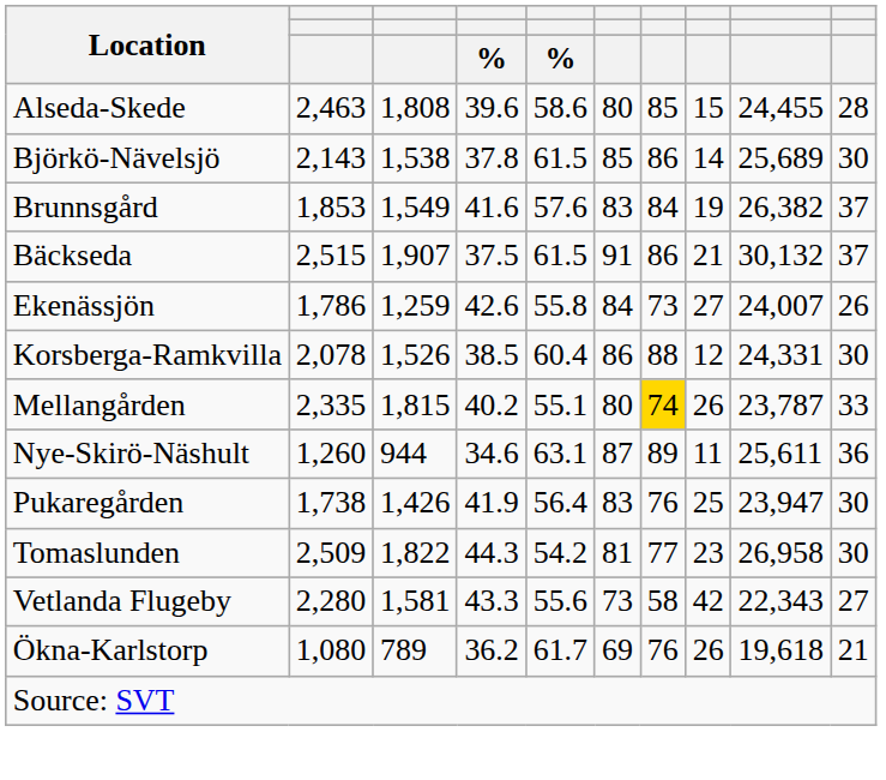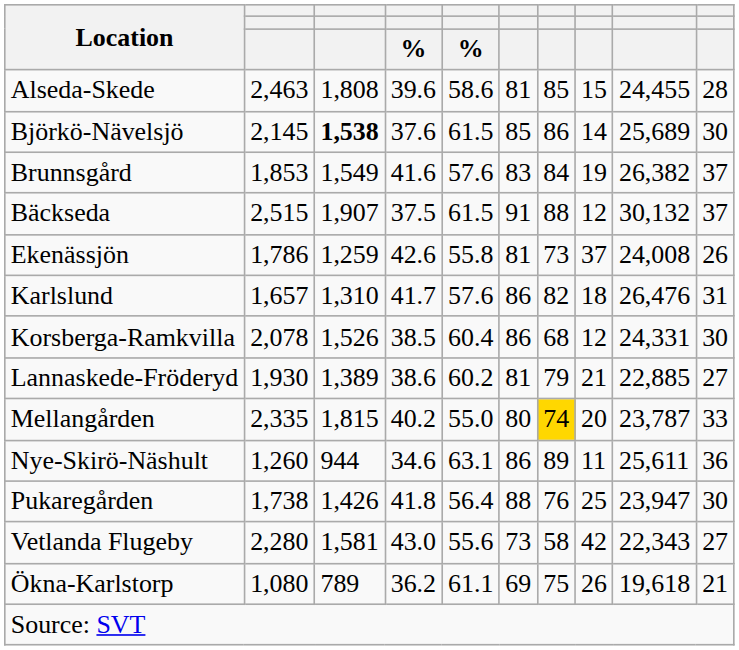 <table role="presentation" class="wikitable sortable mw-collapsible">
 <tr>
 <th rowspan="3">Location</th>
 <th></th>
 <th></th>
 <th></th>
 <th></th>
 <th></th>
 <th></th>
 <th></th>
 <th></th>
 <th></th>
 </tr>
 <tr>
 <th></th>
 <th></th>
 <th style="background:"></th>
 <th style="background:"></th>
 <th></th>
 <th></th>
 <th></th>
 <th></th>
 <th></th>
 </tr>
 <tr>
 <th data-sort-type="number"></th>
 <th data-sort-type="number"></th>
 <th data-sort-type="number">%</th>
 <th data-sort-type="number">%</th>
 <th data-sort-type="number"></th>
 <th data-sort-type="number"></th>
 <th data-sort-type="number"></th>
 <th data-sort-type="number"></th>
 <th data-sort-type="number"></th>
 </tr>
 <tr>
 <td align="left">Alseda-Skede</td>
 <td>2,463</td>
 <td>1,808</td>
 <td>39.6</td>
 <td>58.6</td>
-<td>80</td>
+<td>81</td>
 <td>85</td>
 <td>15</td>
 <td>24,455</td>
 <td>28</td>
 </tr>
 <tr>
 <td align="left">Björkö-Nävelsjö</td>
-<td>2,143</td>
-<td>1,538</td>
-<td>37.8</td>
+<td>2,145</td>
+<td><strong>1,538</strong></td>
+<td>37.6</td>
 <td>61.5</td>
 <td>85</td>
 <td>86</td>
 <td>14</td>
 <td>25,689</td>
 <td>30</td>
 </tr>
 <tr>
 <td align="left">Brunnsgård</td>
 <td>1,853</td>
 <td>1,549</td>
 <td>41.6</td>
 <td>57.6</td>
 <td>83</td>
 <td>84</td>
 <td>19</td>
 <td>26,382</td>
 <td>37</td>
 </tr>
 <tr>
 <td align="left">Bäckseda</td>
 <td>2,515</td>
 <td>1,907</td>
 <td>37.5</td>
 <td>61.5</td>
 <td>91</td>
-<td>86</td>
-<td>21</td>
+<td>88</td>
+<td>12</td>
 <td>30,132</td>
 <td>37</td>
 </tr>
 <tr>
 <td align="left">Ekenässjön</td>
 <td>1,786</td>
 <td>1,259</td>
 <td>42.6</td>
 <td>55.8</td>
-<td>84</td>
+<td>81</td>
 <td>73</td>
-<td>27</td>
-<td>24,007</td>
+<td>37</td>
+<td>24,008</td>
 <td>26</td>
+</tr>
+<tr>
+<td align="left">Karlslund</td>
+<td>1,657</td>
+<td>1,310</td>
+<td>41.7</td>
+<td>57.6</td>
+<td>86</td>
+<td>82</td>
+<td>18</td>
+<td>26,476</td>
+<td>31</td>
 </tr>
 <tr>
 <td align="left">Korsberga-Ramkvilla</td>
 <td>2,078</td>
 <td>1,526</td>
 <td>38.5</td>
 <td>60.4</td>
 <td>86</td>
-<td>88</td>
+<td>68</td>
 <td>12</td>
 <td>24,331</td>
 <td>30</td>
+</tr>
+<tr>
+<td align="left">Lannaskede-Fröderyd</td>
+<td>1,930</td>
+<td>1,389</td>
+<td>38.6</td>
+<td>60.2</td>
+<td>81</td>
+<td>79</td>
+<td>21</td>
+<td>22,885</td>
+<td>27</td>
 </tr>
 <tr>
 <td align="left">Mellangården</td>
 <td>2,335</td>
 <td>1,815</td>
 <td>40.2</td>
-<td>55.1</td>
+<td>55.0</td>
 <td>80</td>
 <td style="background: gold;">74</td>
-<td>26</td>
+<td>20</td>
 <td>23,787</td>
 <td>33</td>
 </tr>
 <tr>
 <td align="left">Nye-Skirö-Näshult</td>
 <td>1,260</td>
 <td>944</td>
 <td>34.6</td>
 <td>63.1</td>
-<td>87</td>
+<td>86</td>
 <td>89</td>
 <td>11</td>
 <td>25,611</td>
 <td>36</td>
 </tr>
 <tr>
 <td align="left">Pukaregården</td>
 <td>1,738</td>
 <td>1,426</td>
-<td>41.9</td>
+<td>41.8</td>
 <td>56.4</td>
-<td>83</td>
+<td>88</td>
 <td>76</td>
 <td>25</td>
 <td>23,947</td>
 <td>30</td>
 </tr>
 <tr>
-<td align="left">Tomaslunden</td>
-<td>2,509</td>
-<td>1,822</td>
-<td>44.3</td>
-<td>54.2</td>
-<td>81</td>
-<td>77</td>
-<td>23</td>
-<td>26,958</td>
-<td>30</td>
-</tr>
-<tr>
 <td align="left">Vetlanda Flugeby</td>
 <td>2,280</td>
 <td>1,581</td>
-<td>43.3</td>
+<td>43.0</td>
 <td>55.6</td>
 <td>73</td>
 <td>58</td>
 <td>42</td>
 <td>22,343</td>
 <td>27</td>
 </tr>
 <tr>
 <td align="left">Ökna-Karlstorp</td>
 <td>1,080</td>
 <td>789</td>
 <td>36.2</td>
-<td>61.7</td>
+<td>61.1</td>
 <td>69</td>
-<td>76</td>
+<td>75</td>
 <td>26</td>
 <td>19,618</td>
 <td>21</td>
 </tr>
 <tr>
 <td colspan="10" align="left">Source: <a href='#'>SVT</a></td>
 </tr>
 </table>
